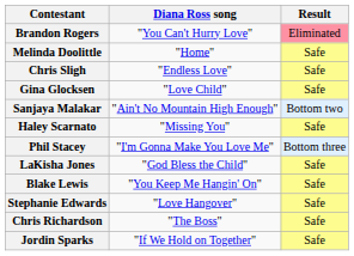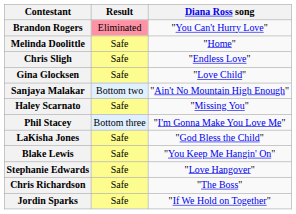 <table class="wikitable unsortable" style="text-align:center;">
 <tr>
 <th scope="col">Contestant</th>
+<th scope="col">Result</th>
 <th scope="col"><a href='#'>Diana Ross</a> song</th>
-<th scope="col">Result</th>
 </tr>
 <tr>
 <th scope="row">Brandon Rogers</th>
+<td bgcolor="FF91A4">Eliminated</td>
 <td>"<a href='#'>You Can't Hurry Love</a>"</td>
-<td bgcolor="FF91A4">Eliminated</td>
 </tr>
 <tr>
 <th scope="row">Melinda Doolittle</th>
+<td style="background:#FDFC8F">Safe</td>
 <td>"<a href='#'>Home</a>"</td>
-<td style="background:#FDFC8F">Safe</td>
 </tr>
 <tr>
 <th scope="row">Chris Sligh</th>
+<td style="background:#FDFC8F">Safe</td>
 <td>"<a href='#'>Endless Love</a>"</td>
-<td style="background:#FDFC8F">Safe</td>
 </tr>
 <tr>
 <th scope="row">Gina Glocksen</th>
+<td style="background:#FDFC8F">Safe</td>
 <td>"<a href='#'>Love Child</a>"</td>
-<td style="background:#FDFC8F">Safe</td>
 </tr>
 <tr>
 <th scope="row">Sanjaya Malakar</th>
+<td bgcolor="E0F0FF">Bottom two</td>
 <td>"<a href='#'>Ain't No Mountain High Enough</a>"</td>
-<td bgcolor="E0F0FF">Bottom two</td>
 </tr>
 <tr>
 <th scope="row">Haley Scarnato</th>
+<td style="background:#FDFC8F">Safe</td>
 <td>"<a href='#'>Missing You</a>"</td>
-<td style="background:#FDFC8F">Safe</td>
 </tr>
 <tr>
 <th scope="row">Phil Stacey</th>
+<td bgcolor="E0F0FF">Bottom three</td>
 <td>"<a href='#'>I'm Gonna Make You Love Me</a>"</td>
-<td bgcolor="E0F0FF">Bottom three</td>
 </tr>
 <tr>
 <th scope="row">LaKisha Jones</th>
+<td style="background:#FDFC8F">Safe</td>
 <td>"<a href='#'>God Bless the Child</a>"</td>
-<td style="background:#FDFC8F">Safe</td>
 </tr>
 <tr>
 <th scope="row">Blake Lewis</th>
+<td style="background:#FDFC8F">Safe</td>
 <td>"<a href='#'>You Keep Me Hangin' On</a>"</td>
-<td style="background:#FDFC8F">Safe</td>
 </tr>
 <tr>
 <th scope="row">Stephanie Edwards</th>
+<td style="background:#FDFC8F">Safe</td>
 <td>"<a href='#'>Love Hangover</a>"</td>
-<td style="background:#FDFC8F">Safe</td>
 </tr>
 <tr>
 <th scope="row">Chris Richardson</th>
+<td style="background:#FDFC8F">Safe</td>
 <td>"<a href='#'>The Boss</a>"</td>
-<td style="background:#FDFC8F">Safe</td>
 </tr>
 <tr>
 <th scope="row">Jordin Sparks</th>
+<td style="background:#FDFC8F">Safe</td>
 <td>"<a href='#'>If We Hold on Together</a>"</td>
-<td style="background:#FDFC8F">Safe</td>
 </tr>
 </table>
